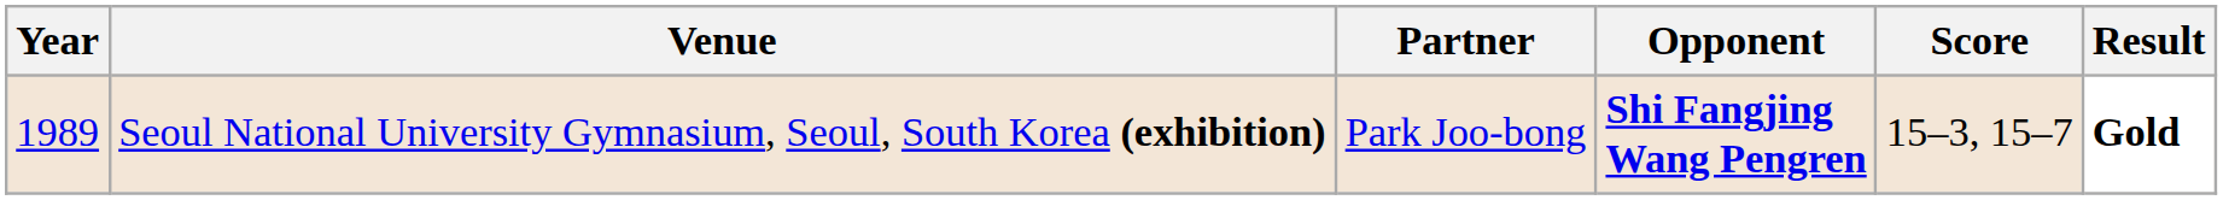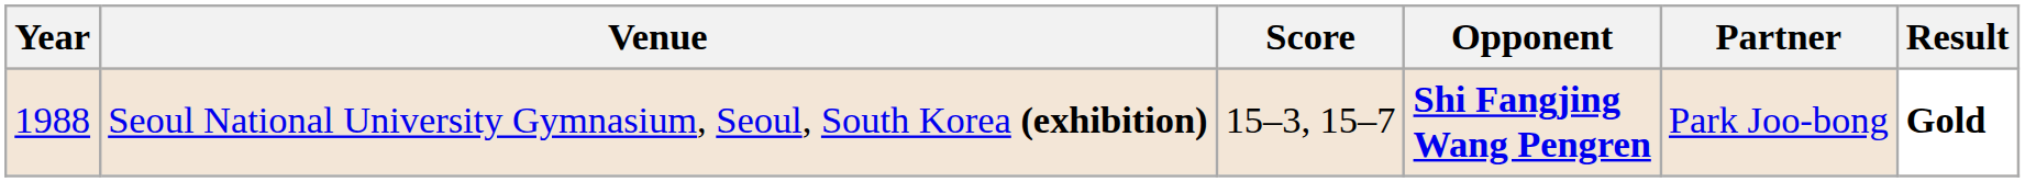 <table class="sortable wikitable" style="font-size:90%;">
 <tr>
 <th>Year</th>
 <th>Venue</th>
+<th>Score</th>
+<th>Opponent</th>
 <th>Partner</th>
-<th>Opponent</th>
-<th>Score</th>
 <th>Result</th>
 </tr>
 <tr style="background:#F3E6D7">
-<td align="center"><a href='#'>1989</a></td>
+<td align="center"><a href='#'>1988</a></td>
 <td align="left"><a href='#'>Seoul National University Gymnasium</a>, <a href='#'>Seoul</a>, <a href='#'>South Korea</a> <strong>(exhibition)</strong></td>
+<td align="left">15–3, 15–7</td>
+<td align="left"><strong> <a href='#'>Shi Fangjing</a><br> <a href='#'>Wang Pengren</a></strong></td>
 <td align="left"> <a href='#'>Park Joo-bong</a></td>
-<td align="left"><strong> <a href='#'>Shi Fangjing</a><br> <a href='#'>Wang Pengren</a></strong></td>
-<td align="left">15–3, 15–7</td>
 <td style="text-align:left; background:white"> <strong>Gold</strong></td>
 </tr>
 </table>
